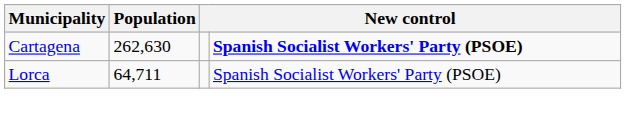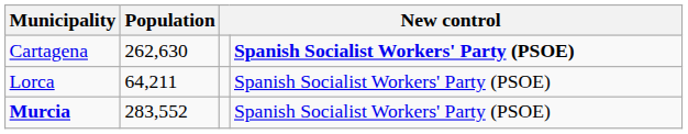 <table class="wikitable sortable">
 <tr>
 <th>Municipality</th>
 <th>Population</th>
 <th colspan="2" style="width:375px;">New control</th>
 </tr>
 <tr>
 <td><a href='#'>Cartagena</a></td>
 <td>262,630</td>
 <td width="1" style="color:inherit;background:"></td>
 <td><strong><a href='#'>Spanish Socialist Workers' Party</a> (PSOE)</strong></td>
 </tr>
 <tr>
 <td><a href='#'>Lorca</a></td>
-<td>64,711</td>
+<td>64,211</td>
+<td style="color:inherit;background:"></td>
+<td><a href='#'>Spanish Socialist Workers' Party</a> (PSOE)</td>
+</tr>
+<tr>
+<td><strong><a href='#'>Murcia</a></strong></td>
+<td>283,552</td>
 <td style="color:inherit;background:"></td>
 <td><a href='#'>Spanish Socialist Workers' Party</a> (PSOE)</td>
 </tr>
 </table>
